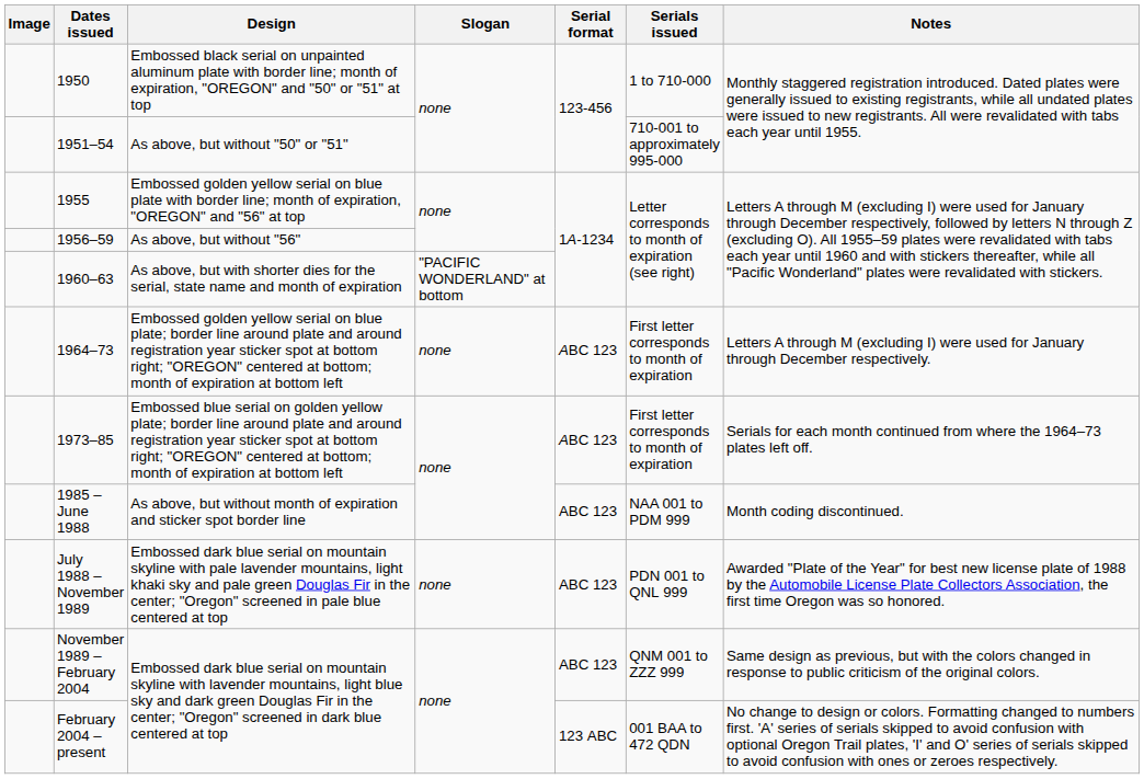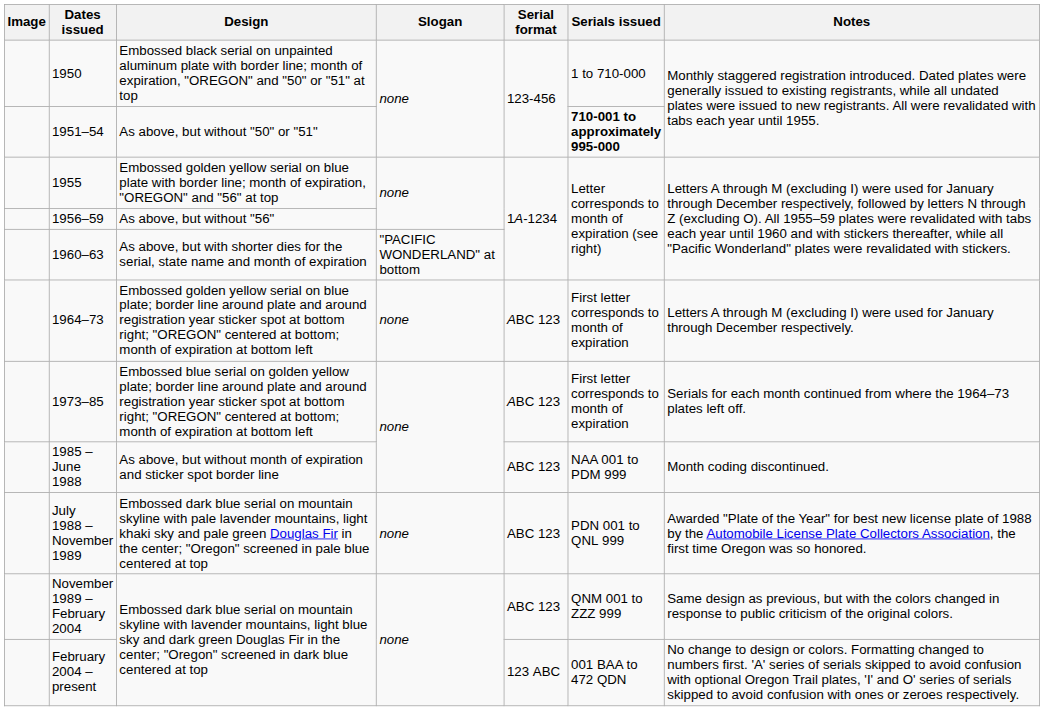 <table class="wikitable">
 <tr>
 <th>Image</th>
 <th style="width:70px;">Dates issued</th>
 <th>Design</th>
 <th>Slogan</th>
 <th>Serial format</th>
 <th style="width:95px;">Serials issued</th>
 <th>Notes</th>
 </tr>
 <tr>
 <td></td>
 <td>1950</td>
 <td>Embossed black serial on unpainted aluminum plate with border line; month of expiration, "OREGON" and "50" or "51" at top</td>
 <td rowspan="2"><em>none</em></td>
 <td rowspan="2">123-456</td>
 <td>1 to 710-000</td>
 <td rowspan="2">Monthly staggered registration introduced. Dated plates were generally issued to existing registrants, while all undated plates were issued to new registrants. All were revalidated with tabs each year until 1955.</td>
 </tr>
 <tr>
 <td></td>
 <td>1951–54</td>
 <td>As above, but without "50" or "51"</td>
-<td>710-001 to approximately 995-000</td>
+<td><strong>710-001 to approximately 995-000</strong></td>
 </tr>
 <tr>
 <td></td>
 <td>1955</td>
 <td>Embossed golden yellow serial on blue plate with border line; month of expiration, "OREGON" and "56" at top</td>
 <td rowspan="2"><em>none</em></td>
 <td rowspan="3">1<em>A</em>-1234</td>
 <td rowspan="3">Letter corresponds to month of expiration (see right)</td>
 <td rowspan="3">Letters A through M (excluding I) were used for January through December respectively, followed by letters N through Z (excluding O). All 1955–59 plates were revalidated with tabs each year until 1960 and with stickers thereafter, while all "Pacific Wonderland" plates were revalidated with stickers.</td>
 </tr>
 <tr>
 <td></td>
 <td>1956–59</td>
 <td>As above, but without "56"</td>
 </tr>
 <tr>
 <td></td>
 <td>1960–63</td>
 <td>As above, but with shorter dies for the serial, state name and month of expiration</td>
 <td>"PACIFIC WONDERLAND" at bottom</td>
 </tr>
 <tr>
 <td></td>
 <td>1964–73</td>
 <td>Embossed golden yellow serial on blue plate; border line around plate and around registration year sticker spot at bottom right; "OREGON" centered at bottom; month of expiration at bottom left</td>
 <td><em>none</em></td>
 <td><em>A</em>BC 123</td>
 <td>First letter corresponds to month of expiration</td>
 <td>Letters A through M (excluding I) were used for January through December respectively.</td>
 </tr>
 <tr>
 <td></td>
 <td>1973–85</td>
 <td>Embossed blue serial on golden yellow plate; border line around plate and around registration year sticker spot at bottom right; "OREGON" centered at bottom; month of expiration at bottom left</td>
 <td rowspan="2"><em>none</em></td>
 <td><em>A</em>BC 123</td>
 <td>First letter corresponds to month of expiration</td>
 <td>Serials for each month continued from where the 1964–73 plates left off.</td>
 </tr>
 <tr>
 <td></td>
 <td>1985 –<br>June<br>1988</td>
 <td>As above, but without month of expiration and sticker spot border line</td>
 <td>ABC 123</td>
 <td>NAA 001 to PDM 999</td>
 <td>Month coding discontinued.</td>
 </tr>
 <tr>
 <td></td>
 <td>July<br>1988 – November 1989</td>
 <td>Embossed dark blue serial on mountain skyline with pale lavender mountains, light khaki sky and pale green <a href='#'>Douglas Fir</a> in the center; "Oregon" screened in pale blue centered at top</td>
 <td><em>none</em></td>
 <td>ABC 123</td>
 <td>PDN 001 to QNL 999</td>
 <td>Awarded "Plate of the Year" for best new license plate of 1988 by the <a href='#'>Automobile License Plate Collectors Association</a>, the first time Oregon was so honored.</td>
 </tr>
 <tr>
 <td></td>
 <td>November 1989 – February 2004</td>
 <td rowspan=2>Embossed dark blue serial on mountain skyline with lavender mountains, light blue sky and dark green Douglas Fir in the center; "Oregon" screened in dark blue centered at top</td>
 <td rowspan=2><em>none</em></td>
 <td>ABC 123</td>
 <td>QNM 001 to ZZZ 999</td>
 <td>Same design as previous, but with the colors changed in response to public criticism of the original colors.</td>
 </tr>
 <tr>
 <td></td>
 <td>February 2004 – present</td>
 <td>123 ABC</td>
 <td>001 BAA to 472 QDN </td>
 <td>No change to design or colors. Formatting changed to numbers first. 'A' series of serials skipped to avoid confusion with optional Oregon Trail plates, 'I' and O' series of serials skipped to avoid confusion with ones or zeroes respectively.</td>
 </tr>
 </table>
